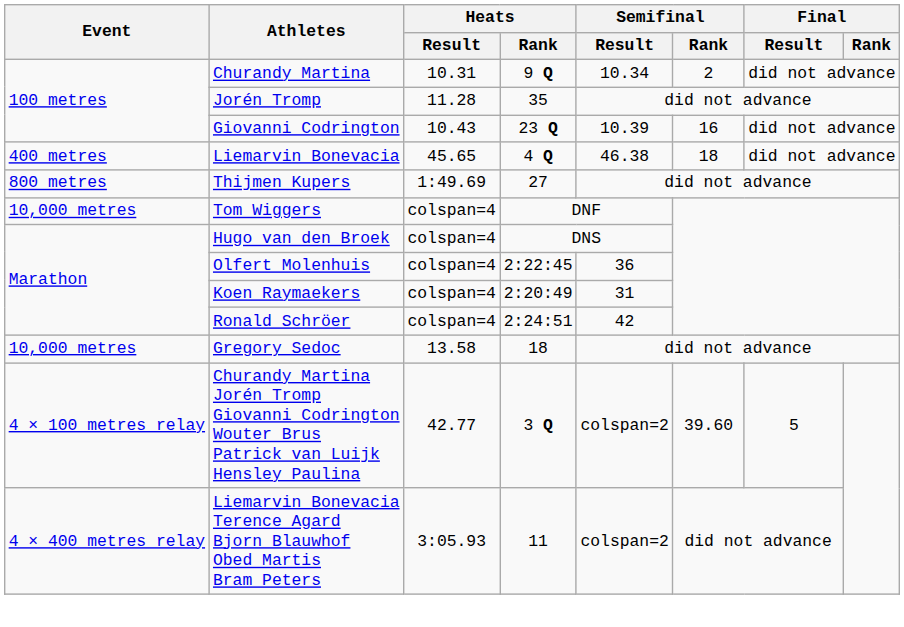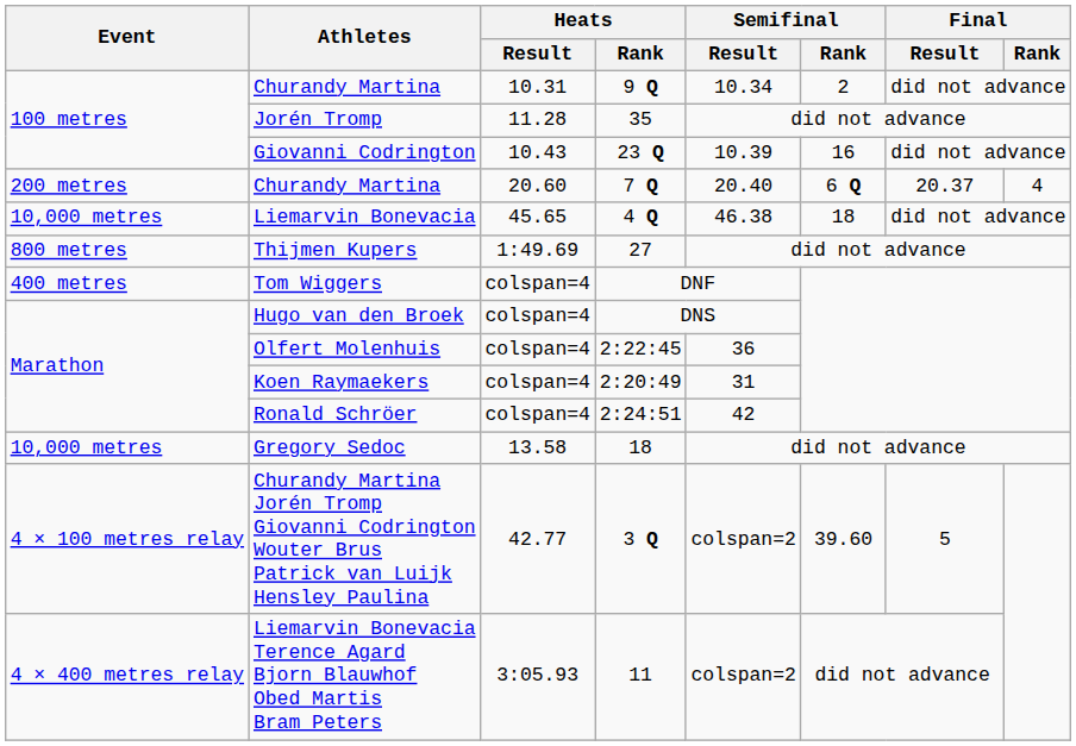 <table class="wikitable" border="1" style="font-size:90%">
 <tr>
 <th rowspan="2">Event</th>
 <th rowspan="2">Athletes</th>
 <th colspan="2">Heats</th>
 <th colspan="2">Semifinal</th>
 <th colspan="2">Final</th>
 </tr>
 <tr>
 <th>Result</th>
 <th>Rank</th>
 <th>Result</th>
 <th>Rank</th>
 <th>Result</th>
 <th>Rank</th>
 </tr>
 <tr>
 <td rowspan=3><a href='#'>100 metres</a></td>
 <td><a href='#'>Churandy Martina</a></td>
 <td align=center>10.31</td>
 <td align=center>9 <strong>Q</strong></td>
 <td align=center>10.34</td>
 <td align=center>2</td>
 <td align=center colspan=2>did not advance</td>
 </tr>
 <tr>
 <td><a href='#'>Jorén Tromp</a></td>
 <td align=center>11.28</td>
 <td align=center>35</td>
 <td align=center colspan=4>did not advance</td>
 </tr>
 <tr>
 <td><a href='#'>Giovanni Codrington</a></td>
 <td align=center>10.43</td>
 <td align=center>23 <strong>Q</strong></td>
 <td align=center>10.39</td>
 <td align=center>16</td>
 <td align=center colspan=2>did not advance</td>
 </tr>
 <tr>
-<td rowspan=1><a href='#'>400 metres</a></td>
+<td rowspan=1><a href='#'>200 metres</a></td>
+<td><a href='#'>Churandy Martina</a></td>
+<td align=center>20.60</td>
+<td align=center>7 <strong>Q</strong></td>
+<td align=center>20.40</td>
+<td align=center>6 <strong>Q</strong></td>
+<td align=center>20.37</td>
+<td align=center>4</td>
+</tr>
+<tr>
+<td rowspan=1><a href='#'>10,000 metres</a></td>
 <td><a href='#'>Liemarvin Bonevacia</a></td>
 <td align=center>45.65</td>
 <td align=center>4 <strong>Q</strong></td>
 <td align=center>46.38</td>
 <td align=center>18</td>
 <td align=center colspan=2>did not advance</td>
 </tr>
 <tr>
 <td rowspan=1><a href='#'>800 metres</a></td>
 <td><a href='#'>Thijmen Kupers</a></td>
 <td align=center>1:49.69</td>
 <td align=center>27</td>
 <td align=center colspan=4>did not advance</td>
 </tr>
 <tr>
-<td rowspan=1><a href='#'>10,000 metres</a></td>
+<td rowspan=1><a href='#'>400 metres</a></td>
 <td><a href='#'>Tom Wiggers</a></td>
 <td>colspan=4 </td>
 <td align=center colspan=2>DNF</td>
 </tr>
 <tr>
 <td rowspan=4><a href='#'>Marathon</a></td>
 <td><a href='#'>Hugo van den Broek</a></td>
 <td>colspan=4 </td>
 <td align=center colspan=2>DNS</td>
 </tr>
 <tr>
 <td><a href='#'>Olfert Molenhuis</a></td>
 <td>colspan=4 </td>
 <td align=center>2:22:45</td>
 <td align=center>36</td>
 </tr>
 <tr>
 <td><a href='#'>Koen Raymaekers</a></td>
 <td>colspan=4 </td>
 <td align=center>2:20:49</td>
 <td align=center>31</td>
 </tr>
 <tr>
 <td><a href='#'>Ronald Schröer</a></td>
 <td>colspan=4 </td>
 <td align=center>2:24:51</td>
 <td align=center>42</td>
 </tr>
 <tr>
 <td rowspan=1><a href='#'>10,000 metres</a></td>
 <td><a href='#'>Gregory Sedoc</a></td>
 <td align=center>13.58</td>
 <td align=center>18</td>
 <td align=center colspan=4>did not advance</td>
 </tr>
 <tr>
 <td><a href='#'>4 × 100 metres relay</a></td>
 <td><a href='#'>Churandy Martina</a><br><a href='#'>Jorén Tromp</a><br><a href='#'>Giovanni Codrington</a><br><a href='#'>Wouter Brus</a><br><a href='#'>Patrick van Luijk</a><br><a href='#'>Hensley Paulina</a></td>
 <td align=center>42.77</td>
 <td align=center>3 <strong>Q</strong></td>
 <td>colspan=2 </td>
 <td align=center>39.60</td>
 <td align=center>5</td>
 </tr>
 <tr>
 <td><a href='#'>4 × 400 metres relay</a></td>
 <td><a href='#'>Liemarvin Bonevacia</a><br><a href='#'>Terence Agard</a><br><a href='#'>Bjorn Blauwhof</a><br><a href='#'>Obed Martis</a><br><a href='#'>Bram Peters</a></td>
 <td align=center>3:05.93</td>
 <td align=center>11</td>
 <td>colspan=2 </td>
 <td align=center colspan=2>did not advance</td>
 </tr>
 </table>
